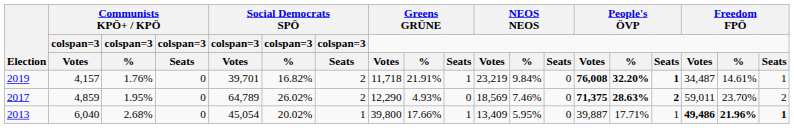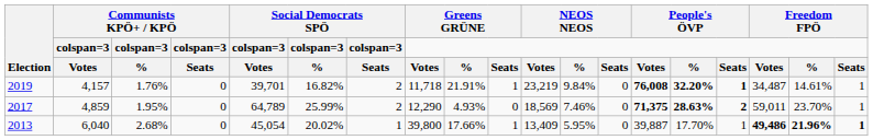 <table class="wikitable" border="1" style="font-size:100%; text-align:right;">
 <tr>
 <th style="text-align:left;" valign=bottom rowspan=3>Election</th>
 <th valign=bottom colspan=3><a href='#'>Communists</a><br>KPÖ+ / KPÖ</th>
 <th valign=bottom colspan=3><a href='#'>Social Democrats</a><br>SPÖ</th>
 <th valign=bottom colspan=3><a href='#'>Greens</a><br>GRÜNE</th>
 <th valign=bottom colspan=3><a href='#'>NEOS</a><br>NEOS</th>
 <th valign=bottom colspan=3><a href='#'>People's</a><br>ÖVP</th>
 <th valign=bottom colspan=3><a href='#'>Freedom</a><br>FPÖ</th>
 </tr>
 <tr>
 <th>colspan=3 </th>
 <th>colspan=3 </th>
 <th>colspan=3 </th>
 <th>colspan=3 </th>
 <th>colspan=3 </th>
 <th>colspan=3 </th>
 </tr>
 <tr>
 <th>Votes</th>
 <th>%</th>
 <th>Seats</th>
 <th>Votes</th>
 <th>%</th>
 <th>Seats</th>
 <th>Votes</th>
 <th>%</th>
 <th>Seats</th>
 <th>Votes</th>
 <th>%</th>
 <th>Seats</th>
 <th>Votes</th>
 <th>%</th>
 <th>Seats</th>
 <th>Votes</th>
 <th>%</th>
 <th>Seats</th>
 </tr>
 <tr>
 <td align=left><a href='#'>2019</a></td>
 <td>4,157</td>
 <td>1.76%</td>
 <td>0</td>
 <td>39,701</td>
 <td>16.82%</td>
 <td>2</td>
 <td>11,718</td>
 <td>21.91%</td>
 <td>1</td>
 <td>23,219</td>
 <td>9.84%</td>
 <td>0</td>
 <td><strong>76,008</strong></td>
 <td><strong>32.20%</strong></td>
 <td><strong>1</strong></td>
 <td>34,487</td>
 <td>14.61%</td>
 <td>1</td>
 </tr>
 <tr>
 <td align=left><a href='#'>2017</a></td>
 <td>4,859</td>
 <td>1.95%</td>
 <td>0</td>
 <td>64,789</td>
-<td>26.02%</td>
+<td>25.99%</td>
 <td>2</td>
 <td>12,290</td>
 <td>4.93%</td>
 <td>0</td>
 <td>18,569</td>
 <td>7.46%</td>
 <td>0</td>
 <td><strong>71,375</strong></td>
 <td><strong>28.63%</strong></td>
 <td><strong>2</strong></td>
 <td>59,011</td>
 <td>23.70%</td>
-<td>2</td>
+<td>1</td>
 </tr>
 <tr>
 <td align=left><a href='#'>2013</a></td>
 <td>6,040</td>
 <td>2.68%</td>
 <td>0</td>
 <td>45,054</td>
 <td>20.02%</td>
 <td>1</td>
 <td>39,800</td>
 <td>17.66%</td>
 <td>1</td>
 <td>13,409</td>
 <td>5.95%</td>
 <td>0</td>
 <td>39,887</td>
-<td>17.71%</td>
+<td>17.70%</td>
 <td>1</td>
 <td><strong>49,486</strong></td>
 <td><strong>21.96%</strong></td>
 <td><strong>1</strong></td>
 </tr>
 </table>
